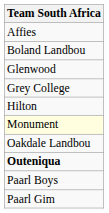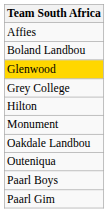 <table class="wikitable">
 <tr>
 <th>Team South Africa </th>
 </tr>
 <tr>
 <td>Affies</td>
 </tr>
 <tr>
 <td>Boland Landbou</td>
 </tr>
 <tr>
-<td>Glenwood</td>
+<td style="background: gold;">Glenwood</td>
 </tr>
 <tr>
 <td>Grey College</td>
 </tr>
 <tr>
 <td>Hilton</td>
 </tr>
 <tr>
-<td style="background: lightyellow;">Monument</td>
+<td>Monument</td>
 </tr>
 <tr>
 <td>Oakdale Landbou</td>
 </tr>
 <tr>
-<td><strong>Outeniqua</strong></td>
+<td>Outeniqua</td>
 </tr>
 <tr>
 <td>Paarl Boys</td>
 </tr>
 <tr>
 <td>Paarl Gim</td>
 </tr>
 </table>
